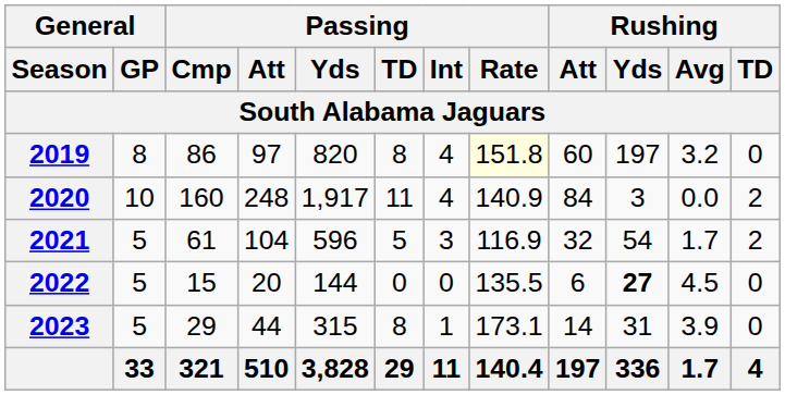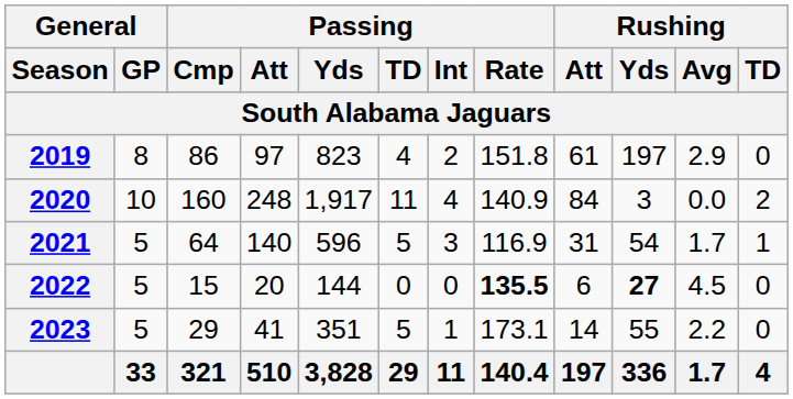 <table class="wikitable" style="text-align:center;">
 <tr>
 <th colspan="2">General</th>
 <th colspan="6">Passing</th>
 <th colspan="4">Rushing</th>
 </tr>
 <tr>
 <th>Season</th>
 <th>GP</th>
 <th>Cmp</th>
 <th>Att</th>
 <th>Yds</th>
 <th>TD</th>
 <th>Int</th>
 <th>Rate</th>
 <th>Att</th>
 <th>Yds</th>
 <th>Avg</th>
 <th>TD</th>
 </tr>
 <tr>
 <th colspan="12">South Alabama Jaguars</th>
 </tr>
 <tr>
 <th><a href='#'>2019</a></th>
 <td>8</td>
 <td>86</td>
 <td>97</td>
-<td>820</td>
-<td>8</td>
+<td>823</td>
 <td>4</td>
-<td style="background: lightyellow;">151.8</td>
-<td>60</td>
+<td>2</td>
+<td>151.8</td>
+<td>61</td>
 <td>197</td>
-<td>3.2</td>
+<td>2.9</td>
 <td>0</td>
 </tr>
 <tr>
 <th><a href='#'>2020</a></th>
 <td>10</td>
 <td>160</td>
 <td>248</td>
 <td>1,917</td>
 <td>11</td>
 <td>4</td>
 <td>140.9</td>
 <td>84</td>
 <td>3</td>
 <td>0.0</td>
 <td>2</td>
 </tr>
 <tr>
 <th><a href='#'>2021</a></th>
 <td>5</td>
-<td>61</td>
-<td>104</td>
+<td>64</td>
+<td>140</td>
 <td>596</td>
 <td>5</td>
 <td>3</td>
 <td>116.9</td>
-<td>32</td>
+<td>31</td>
 <td>54</td>
 <td>1.7</td>
-<td>2</td>
+<td>1</td>
 </tr>
 <tr>
 <th><a href='#'>2022</a></th>
 <td>5</td>
 <td>15</td>
 <td>20</td>
 <td>144</td>
 <td>0</td>
 <td>0</td>
-<td>135.5</td>
+<td><strong>135.5</strong></td>
 <td>6</td>
 <td><strong>27</strong></td>
 <td>4.5</td>
 <td>0</td>
 </tr>
 <tr>
 <th><a href='#'>2023</a></th>
 <td>5</td>
 <td>29</td>
-<td>44</td>
-<td>315</td>
-<td>8</td>
+<td>41</td>
+<td>351</td>
+<td>5</td>
 <td>1</td>
 <td>173.1</td>
 <td>14</td>
-<td>31</td>
-<td>3.9</td>
+<td>55</td>
+<td>2.2</td>
 <td>0</td>
 </tr>
 <tr>
 <th></th>
 <th>33</th>
 <th>321</th>
 <th>510</th>
 <th>3,828</th>
 <th>29</th>
 <th>11</th>
 <th>140.4</th>
 <th>197</th>
 <th>336</th>
 <th>1.7</th>
 <th>4</th>
 </tr>
 </table>
